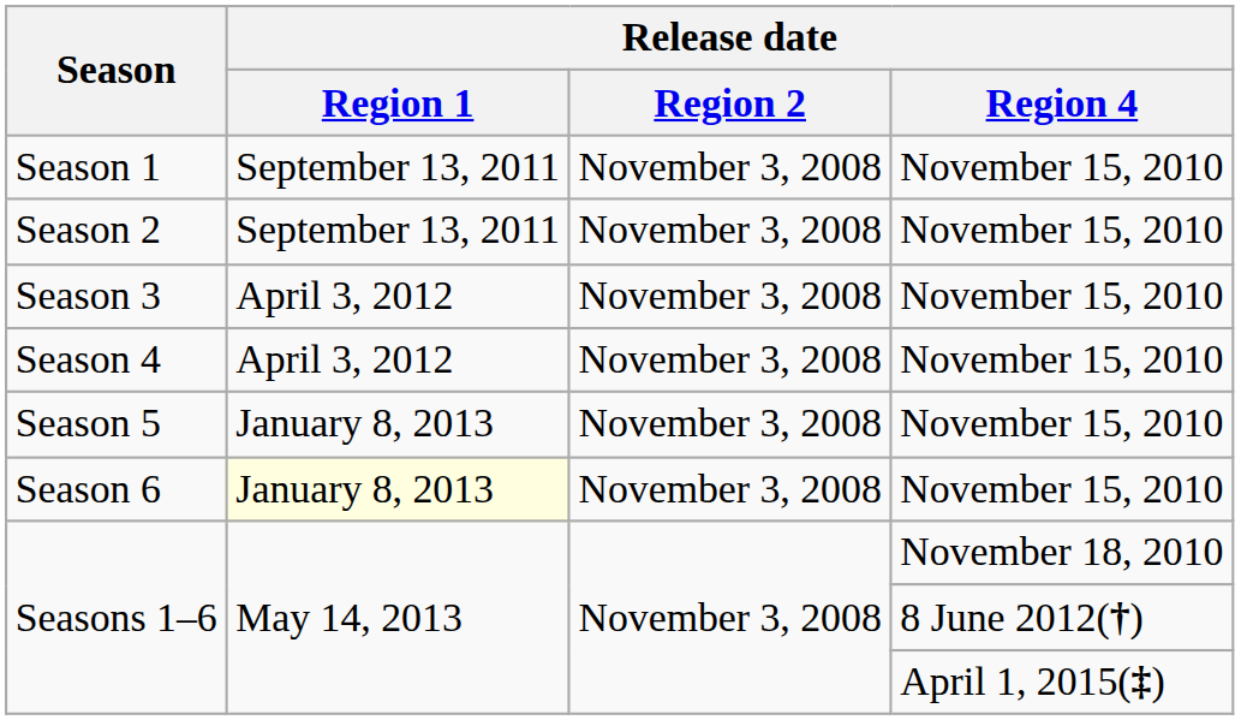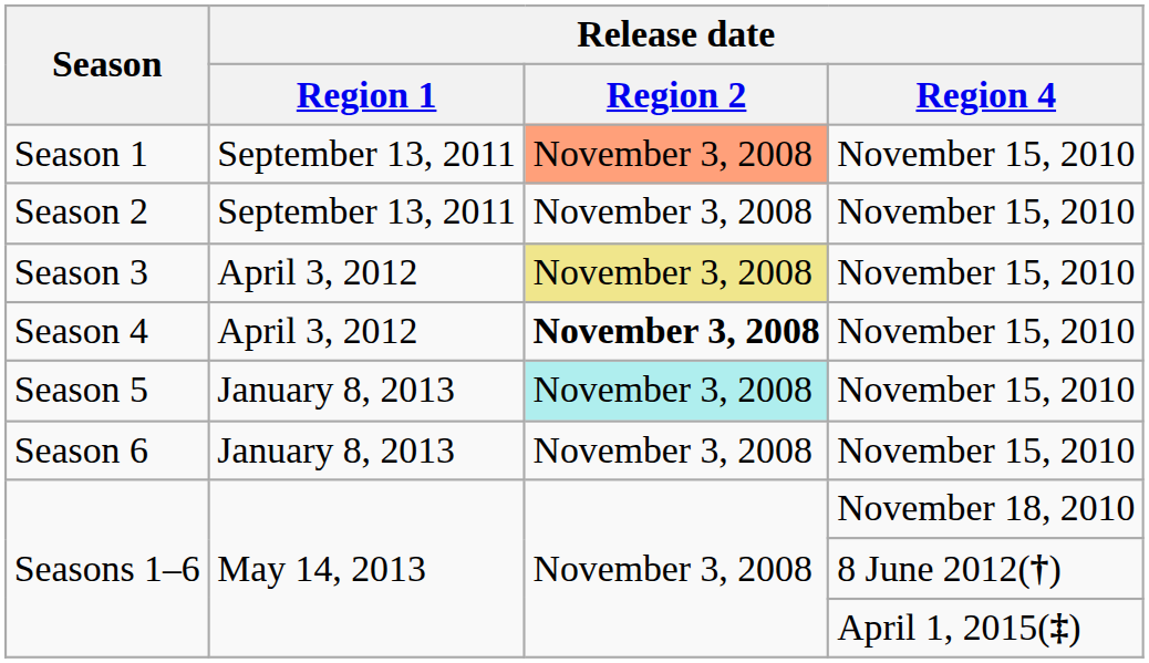 <table class="wikitable">
 <tr>
 <th rowspan="2">Season</th>
 <th colspan="3">Release date</th>
 </tr>
 <tr>
 <th><a href='#'>Region 1</a><br></th>
 <th><a href='#'>Region 2</a><br></th>
 <th><a href='#'>Region 4</a><br></th>
 </tr>
 <tr>
 <td>Season 1</td>
 <td>September 13, 2011</td>
-<td>November 3, 2008</td>
+<td style="background: lightsalmon;">November 3, 2008</td>
 <td>November 15, 2010</td>
 </tr>
 <tr>
 <td>Season 2</td>
 <td>September 13, 2011</td>
 <td>November 3, 2008</td>
 <td>November 15, 2010</td>
 </tr>
 <tr>
 <td>Season 3</td>
 <td>April 3, 2012</td>
-<td>November 3, 2008</td>
+<td style="background: khaki;">November 3, 2008</td>
 <td>November 15, 2010</td>
 </tr>
 <tr>
 <td>Season 4</td>
 <td>April 3, 2012</td>
-<td>November 3, 2008</td>
+<td><strong>November 3, 2008</strong></td>
 <td>November 15, 2010</td>
 </tr>
 <tr>
 <td>Season 5</td>
 <td>January 8, 2013</td>
-<td>November 3, 2008</td>
+<td style="background: paleturquoise;">November 3, 2008</td>
 <td>November 15, 2010</td>
 </tr>
 <tr>
 <td>Season 6</td>
-<td style="background: lightyellow;">January 8, 2013</td>
+<td>January 8, 2013</td>
 <td>November 3, 2008</td>
 <td>November 15, 2010</td>
 </tr>
 <tr>
 <td rowspan="3">Seasons 1–6</td>
 <td rowspan="3">May 14, 2013</td>
 <td rowspan="3">November 3, 2008</td>
 <td>November 18, 2010</td>
 </tr>
 <tr>
 <td>8 June 2012(<strong>†</strong>)</td>
 </tr>
 <tr>
 <td>April 1, 2015(<strong>‡</strong>)</td>
 </tr>
 </table>
